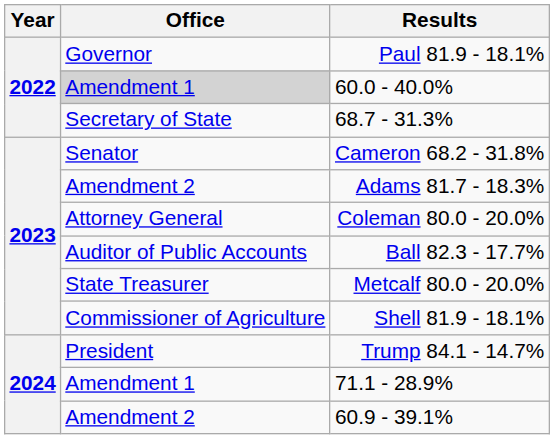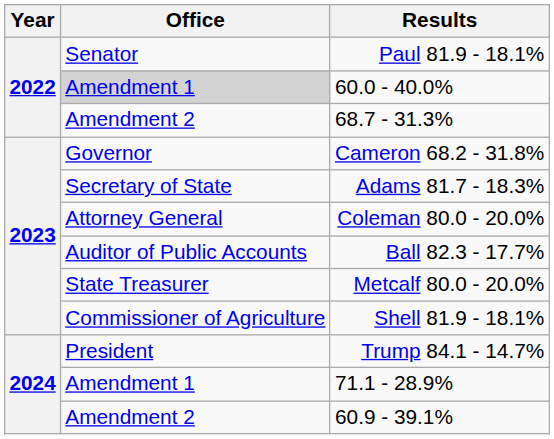 <table class=wikitable>
 <tr>
 <th>Year</th>
 <th>Office</th>
 <th>Results</th>
 </tr>
 <tr>
 <th rowspan=3><a href='#'>2022</a></th>
-<td><a href='#'>Governor</a></td>
+<td><a href='#'>Senator</a></td>
 <td align="right" ><a href='#'>Paul</a> 81.9 - 18.1%</td>
 </tr>
 <tr>
 <td style="background: lightgrey;"><a href='#'>Amendment 1</a></td>
 <td> 60.0 - 40.0%</td>
 </tr>
 <tr>
-<td><a href='#'>Secretary of State</a></td>
+<td><a href='#'>Amendment 2</a></td>
 <td> 68.7 - 31.3%</td>
 </tr>
 <tr>
 <th rowspan=6><a href='#'>2023</a></th>
-<td><a href='#'>Senator</a></td>
+<td><a href='#'>Governor</a></td>
 <td align="right" ><a href='#'>Cameron</a> 68.2 - 31.8%</td>
 </tr>
 <tr>
-<td><a href='#'>Amendment 2</a></td>
+<td><a href='#'>Secretary of State</a></td>
 <td align="right" ><a href='#'>Adams</a> 81.7 - 18.3%</td>
 </tr>
 <tr>
 <td><a href='#'>Attorney General</a></td>
 <td align="right" ><a href='#'>Coleman</a> 80.0 - 20.0%</td>
 </tr>
 <tr>
 <td><a href='#'>Auditor of Public Accounts</a></td>
 <td align="right" ><a href='#'>Ball</a> 82.3 - 17.7%</td>
 </tr>
 <tr>
 <td><a href='#'>State Treasurer</a></td>
 <td align="right" ><a href='#'>Metcalf</a> 80.0 - 20.0%</td>
 </tr>
 <tr>
 <td><a href='#'>Commissioner of Agriculture</a></td>
 <td align="right" ><a href='#'>Shell</a> 81.9 - 18.1%</td>
 </tr>
 <tr>
 <th rowspan=3><a href='#'>2024</a></th>
 <td><a href='#'>President</a></td>
 <td align="right" ><a href='#'>Trump</a> 84.1 - 14.7%</td>
 </tr>
 <tr>
 <td><a href='#'>Amendment 1</a></td>
 <td> 71.1 - 28.9%</td>
 </tr>
 <tr>
 <td><a href='#'>Amendment 2</a></td>
 <td> 60.9 - 39.1%</td>
 </tr>
 </table>
